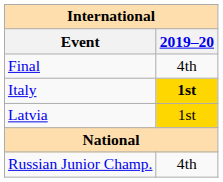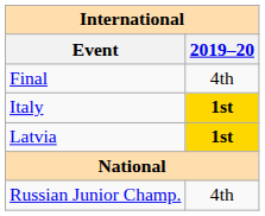 <table class="wikitable" style="text-align:center">
 <tr>
 <th style="background-color: #ffdead; " colspan=3 align=center>International</th>
 </tr>
 <tr>
 <th>Event</th>
 <th><a href='#'>2019–20</a></th>
 </tr>
 <tr>
 <td align=left> <a href='#'>Final</a></td>
 <td>4th</td>
 </tr>
 <tr>
 <td align=left> <a href='#'>Italy</a></td>
 <td bgcolor=gold><strong>1st</strong></td>
 </tr>
 <tr>
 <td align=left> <a href='#'>Latvia</a></td>
-<td bgcolor=gold>1st</td>
+<td bgcolor=gold><strong>1st</strong></td>
 </tr>
 <tr>
 <th style="background-color: #ffdead; " colspan=3 align=center>National</th>
 </tr>
 <tr>
 <td align=left><a href='#'>Russian Junior Champ.</a></td>
 <td>4th</td>
 </tr>
 </table>
